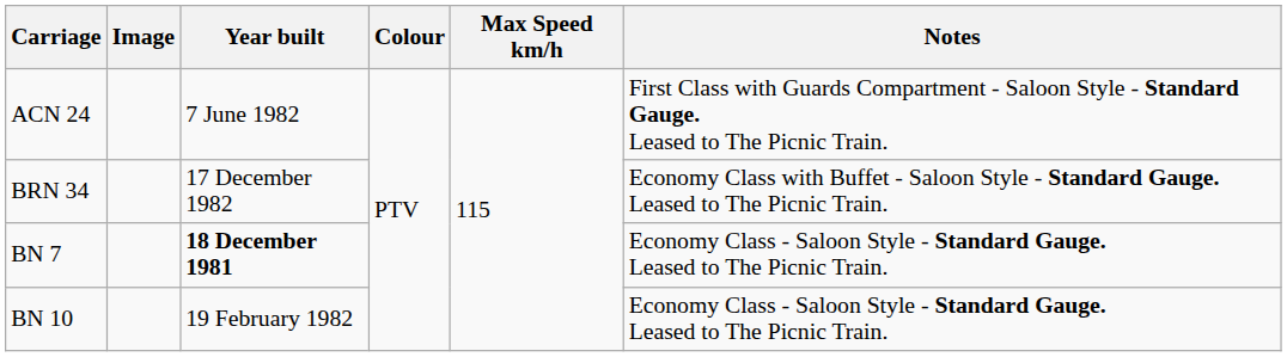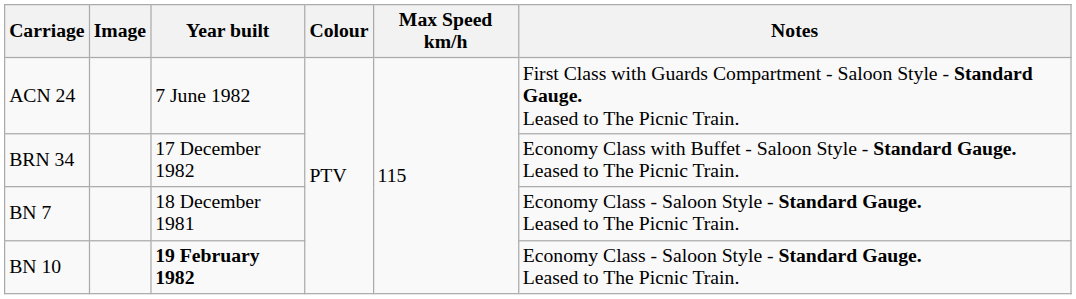 <table class="wikitable">
 <tr>
 <th>Carriage</th>
 <th>Image</th>
 <th>Year built</th>
 <th>Colour</th>
 <th>Max Speed km/h</th>
 <th>Notes</th>
 </tr>
 <tr>
 <td>ACN 24</td>
 <td></td>
 <td>7 June 1982</td>
 <td rowspan="4">PTV</td>
 <td rowspan="4">115</td>
 <td>First Class with Guards Compartment - Saloon Style - <strong>Standard Gauge.</strong><br>Leased to The Picnic Train.</td>
 </tr>
 <tr>
 <td>BRN 34</td>
 <td></td>
 <td>17 December 1982</td>
 <td>Economy Class with Buffet - Saloon Style - <strong>Standard Gauge.</strong><br>Leased to The Picnic Train.</td>
 </tr>
 <tr>
 <td>BN 7</td>
 <td></td>
-<td><strong>18 December 1981</strong></td>
+<td>18 December 1981</td>
 <td>Economy Class - Saloon Style - <strong>Standard Gauge.</strong><br>Leased to The Picnic Train.</td>
 </tr>
 <tr>
 <td>BN 10</td>
 <td></td>
-<td>19 February 1982</td>
+<td><strong>19 February 1982</strong></td>
 <td>Economy Class - Saloon Style - <strong>Standard Gauge.</strong><br>Leased to The Picnic Train.</td>
 </tr>
 </table>
